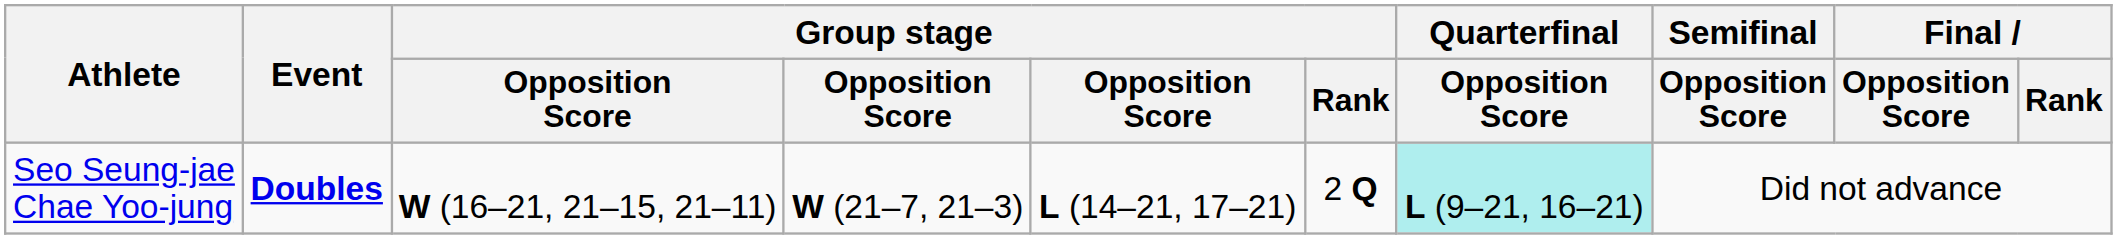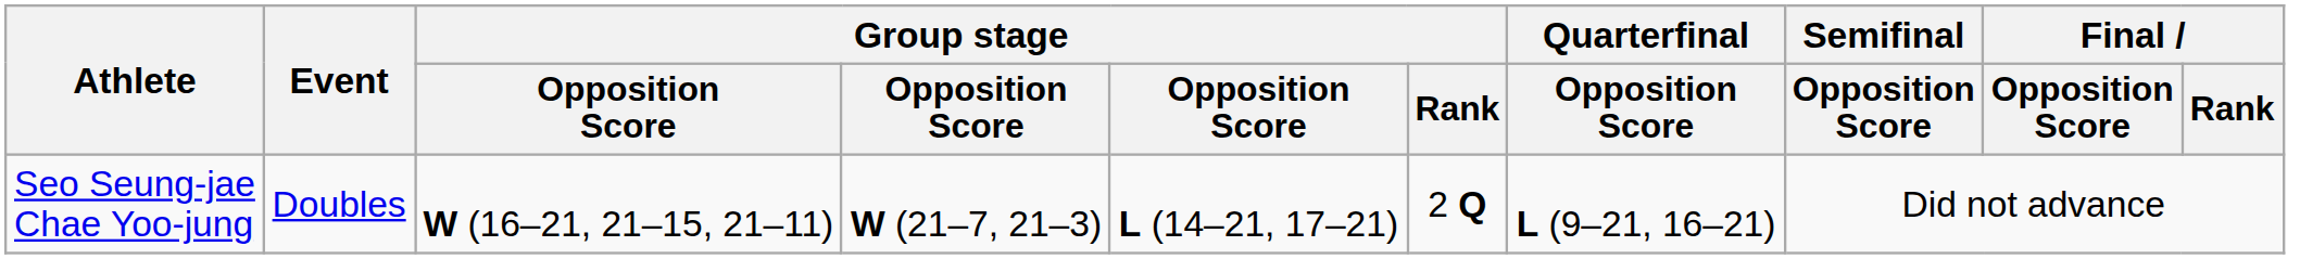 <table class="wikitable" style="font-size:90%; text-align:center">
 <tr>
 <th rowspan="2">Athlete</th>
 <th rowspan="2">Event</th>
 <th colspan="4">Group stage</th>
 <th>Quarterfinal</th>
 <th>Semifinal</th>
 <th colspan="2">Final / </th>
 </tr>
 <tr style="font-size:95%">
 <th>Opposition<br>Score</th>
 <th>Opposition<br>Score</th>
 <th>Opposition<br>Score</th>
 <th>Rank</th>
 <th>Opposition<br>Score</th>
 <th>Opposition<br>Score</th>
 <th>Opposition<br>Score</th>
 <th>Rank</th>
 </tr>
 <tr>
 <td style="text-align:left"><a href='#'>Seo Seung-jae</a><br><a href='#'>Chae Yoo-jung</a></td>
-<td style="text-align:left"><strong><a href='#'>Doubles</a></strong></td>
+<td style="text-align:left"><a href='#'>Doubles</a></td>
 <td><br><strong>W</strong> (16–21, 21–15, 21–11)</td>
 <td><br><strong>W</strong> (21–7, 21–3)</td>
 <td><br><strong>L</strong> (14–21, 17–21)</td>
 <td>2 <strong>Q</strong></td>
-<td style="background: paleturquoise;"><br><strong>L</strong> (9–21, 16–21)</td>
+<td><br><strong>L</strong> (9–21, 16–21)</td>
 <td colspan="3">Did not advance</td>
 </tr>
 </table>
